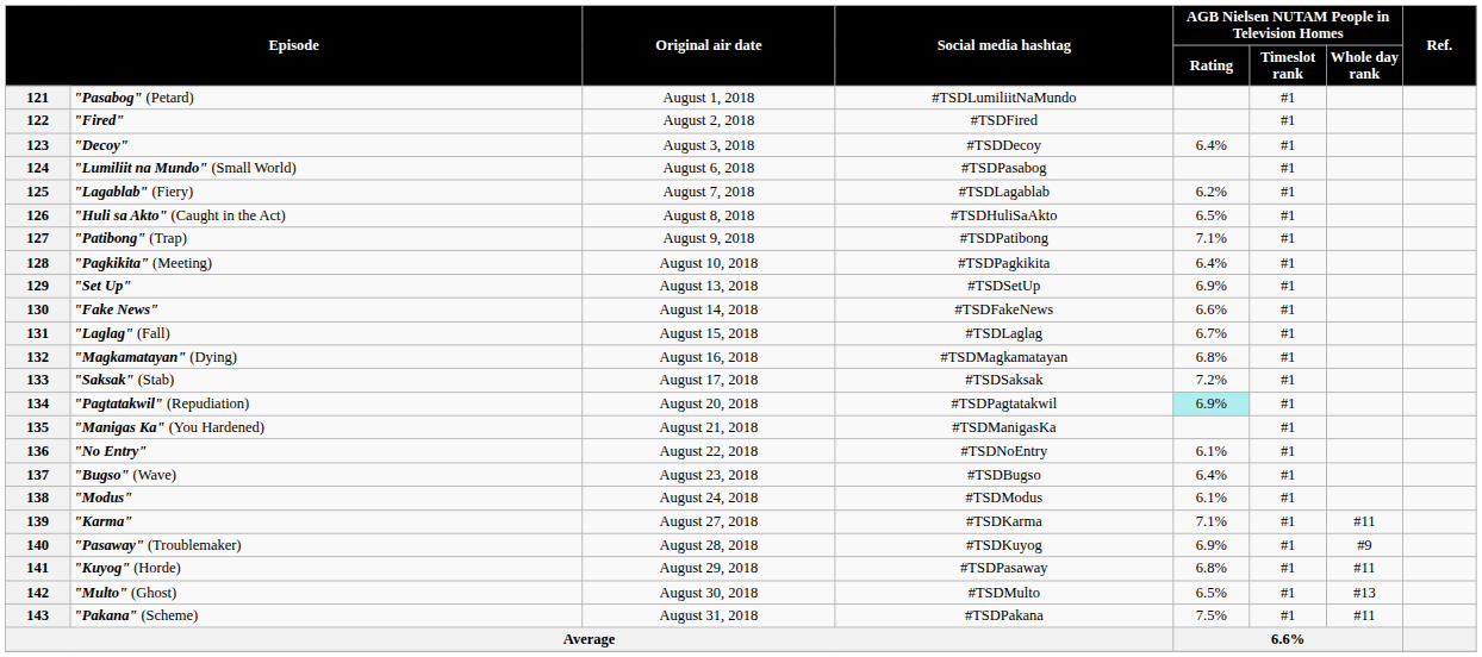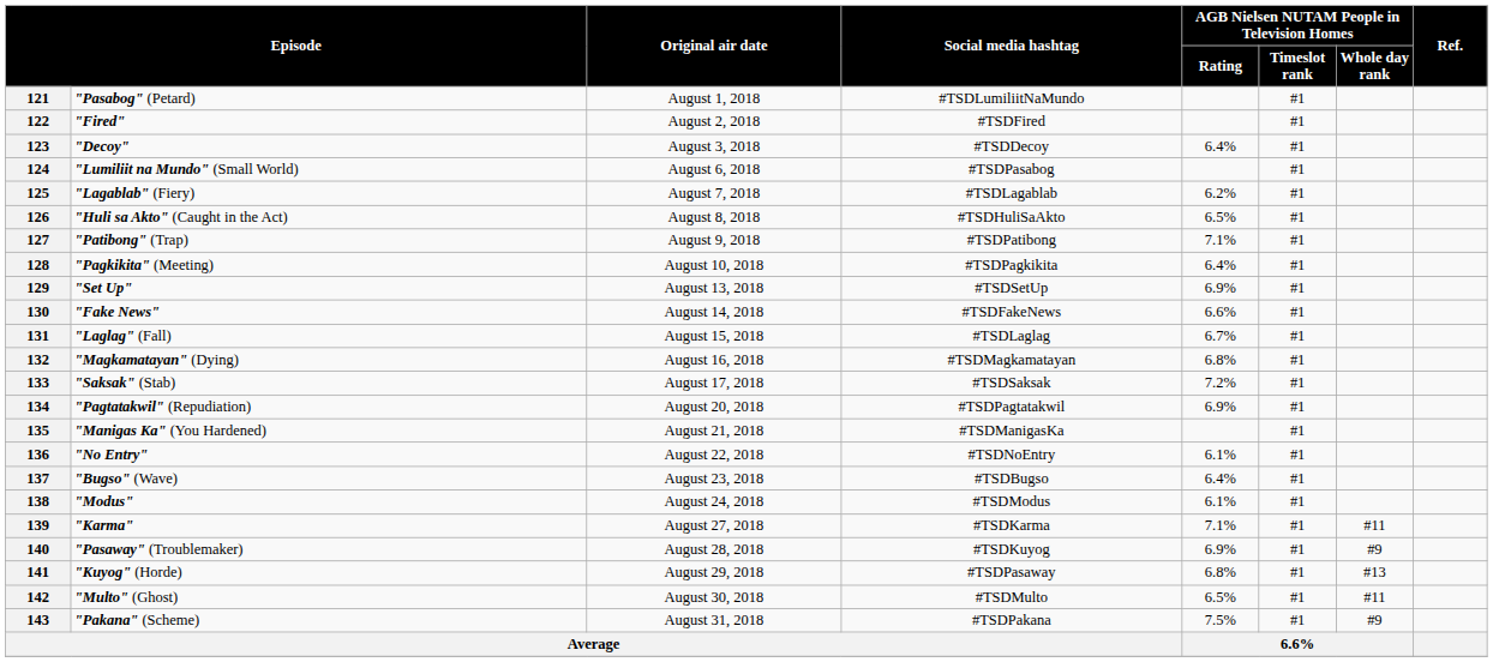 <table class="wikitable" style="text-align:center; font-size:100%; line-height:18px;" width="100%">
 <tr>
 <th style="background-color:#000000; color:#ffffff;" colspan="2" rowspan="2">Episode</th>
 <th style="background-color:#000000; color:white" rowspan="2">Original air date</th>
 <th style="background-color:#000000; color:white" rowspan="2">Social media hashtag</th>
 <th style="background-color:#000000; color:#ffffff;" colspan="3">AGB Nielsen NUTAM People in Television Homes</th>
 <th style="background-color:#000000; color:#ffffff;" rowspan="2">Ref.</th>
 </tr>
 <tr>
 <th style="background-color:#000000; width:75px; color:#ffffff;">Rating</th>
 <th style="background-color:#000000; width:75px; color:#ffffff;">Timeslot<br>rank</th>
 <th style="background-color:#000000; width:75px; color:#ffffff;">Whole day<br>rank</th>
 </tr>
 <tr>
 <th>121</th>
 <td style="text-align: left;"><strong><em>"Pasabog"</em></strong> (Petard)</td>
 <td>August 1, 2018</td>
 <td>#TSDLumiliitNaMundo</td>
 <td></td>
 <td>#1</td>
 <td></td>
 <td></td>
 </tr>
 <tr>
 <th>122</th>
 <td style="text-align: left;"><strong><em>"Fired"</em></strong></td>
 <td>August 2, 2018</td>
 <td>#TSDFired</td>
 <td></td>
 <td>#1</td>
 <td></td>
 <td></td>
 </tr>
 <tr>
 <th>123</th>
 <td style="text-align: left;"><strong><em>"Decoy"</em></strong></td>
 <td>August 3, 2018</td>
 <td>#TSDDecoy</td>
 <td>6.4%</td>
 <td>#1</td>
 <td></td>
 <td></td>
 </tr>
 <tr>
 <th>124</th>
 <td style="text-align: left;"><strong><em>"Lumiliit na Mundo"</em></strong> (Small World)</td>
 <td>August 6, 2018</td>
 <td>#TSDPasabog</td>
 <td></td>
 <td>#1</td>
 <td></td>
 <td></td>
 </tr>
 <tr>
 <th>125</th>
 <td style="text-align: left;"><strong><em>"Lagablab"</em></strong> (Fiery)</td>
 <td>August 7, 2018</td>
 <td>#TSDLagablab</td>
 <td>6.2%</td>
 <td>#1</td>
 <td></td>
 <td></td>
 </tr>
 <tr>
 <th>126</th>
 <td style="text-align: left;"><strong><em>"Huli sa Akto"</em></strong> (Caught in the Act)</td>
 <td>August 8, 2018</td>
 <td>#TSDHuliSaAkto</td>
 <td>6.5%</td>
 <td>#1</td>
 <td></td>
 <td></td>
 </tr>
 <tr>
 <th>127</th>
 <td style="text-align: left;"><strong><em>"Patibong"</em></strong> (Trap)</td>
 <td>August 9, 2018</td>
 <td>#TSDPatibong</td>
 <td>7.1%</td>
 <td>#1</td>
 <td></td>
 <td></td>
 </tr>
 <tr>
 <th>128</th>
 <td style="text-align: left;"><strong><em>"Pagkikita"</em></strong> (Meeting)</td>
 <td>August 10, 2018</td>
 <td>#TSDPagkikita</td>
 <td>6.4%</td>
 <td>#1</td>
 <td></td>
 <td></td>
 </tr>
 <tr>
 <th>129</th>
 <td style="text-align: left;"><strong><em>"Set Up"</em></strong></td>
 <td>August 13, 2018</td>
 <td>#TSDSetUp</td>
 <td>6.9%</td>
 <td>#1</td>
 <td></td>
 <td></td>
 </tr>
 <tr>
 <th>130</th>
 <td style="text-align: left;"><strong><em>"Fake News"</em></strong></td>
 <td>August 14, 2018</td>
 <td>#TSDFakeNews</td>
 <td>6.6%</td>
 <td>#1</td>
 <td></td>
 <td></td>
 </tr>
 <tr>
 <th>131</th>
 <td style="text-align: left;"><strong><em>"Laglag"</em></strong> (Fall)</td>
 <td>August 15, 2018</td>
 <td>#TSDLaglag</td>
 <td>6.7%</td>
 <td>#1</td>
 <td></td>
 <td></td>
 </tr>
 <tr>
 <th>132</th>
 <td style="text-align: left;"><strong><em>"Magkamatayan"</em></strong> (Dying)</td>
 <td>August 16, 2018</td>
 <td>#TSDMagkamatayan</td>
 <td>6.8%</td>
 <td>#1</td>
 <td></td>
 <td></td>
 </tr>
 <tr>
 <th>133</th>
 <td style="text-align: left;"><strong><em>"Saksak"</em></strong> (Stab)</td>
 <td>August 17, 2018</td>
 <td>#TSDSaksak</td>
 <td>7.2%</td>
 <td>#1</td>
 <td></td>
 <td></td>
 </tr>
 <tr>
 <th>134</th>
 <td style="text-align: left;"><strong><em>"Pagtatakwil"</em></strong> (Repudiation)</td>
 <td>August 20, 2018</td>
 <td>#TSDPagtatakwil</td>
-<td style="background: paleturquoise;">6.9%</td>
+<td>6.9%</td>
 <td>#1</td>
 <td></td>
 <td></td>
 </tr>
 <tr>
 <th>135</th>
 <td style="text-align: left;"><strong><em>"Manigas Ka"</em></strong> (You Hardened)</td>
 <td>August 21, 2018</td>
 <td>#TSDManigasKa</td>
 <td></td>
 <td>#1</td>
 <td></td>
 <td></td>
 </tr>
 <tr>
 <th>136</th>
 <td style="text-align: left;"><strong><em>"No Entry"</em></strong></td>
 <td>August 22, 2018</td>
 <td>#TSDNoEntry</td>
 <td>6.1%</td>
 <td>#1</td>
 <td></td>
 <td></td>
 </tr>
 <tr>
 <th>137</th>
 <td style="text-align: left;"><strong><em>"Bugso"</em></strong> (Wave)</td>
 <td>August 23, 2018</td>
 <td>#TSDBugso</td>
 <td>6.4%</td>
 <td>#1</td>
 <td></td>
 <td></td>
 </tr>
 <tr>
 <th>138</th>
 <td style="text-align: left;"><strong><em>"Modus"</em></strong></td>
 <td>August 24, 2018</td>
 <td>#TSDModus</td>
 <td>6.1%</td>
 <td>#1</td>
 <td></td>
 <td></td>
 </tr>
 <tr>
 <th>139</th>
 <td style="text-align: left;"><strong><em>"Karma"</em></strong></td>
 <td>August 27, 2018</td>
 <td>#TSDKarma</td>
 <td>7.1%</td>
 <td>#1</td>
 <td>#11</td>
 <td></td>
 </tr>
 <tr>
 <th>140</th>
 <td style="text-align: left;"><strong><em>"Pasaway"</em></strong> (Troublemaker)</td>
 <td>August 28, 2018</td>
 <td>#TSDKuyog</td>
 <td>6.9%</td>
 <td>#1</td>
 <td>#9</td>
 <td></td>
 </tr>
 <tr>
 <th>141</th>
 <td style="text-align: left;"><strong><em>"Kuyog"</em></strong> (Horde)</td>
 <td>August 29, 2018</td>
 <td>#TSDPasaway</td>
 <td>6.8%</td>
 <td>#1</td>
-<td>#11</td>
+<td>#13</td>
 <td></td>
 </tr>
 <tr>
 <th>142</th>
 <td style="text-align: left;"><strong><em>"Multo"</em></strong> (Ghost)</td>
 <td>August 30, 2018</td>
 <td>#TSDMulto</td>
 <td>6.5%</td>
 <td>#1</td>
-<td>#13</td>
+<td>#11</td>
 <td></td>
 </tr>
 <tr>
 <th>143</th>
 <td style="text-align: left;"><strong><em>"Pakana"</em></strong> (Scheme)</td>
 <td>August 31, 2018</td>
 <td>#TSDPakana</td>
 <td>7.5%</td>
 <td>#1</td>
-<td>#11</td>
+<td>#9</td>
 <td></td>
 </tr>
 <tr>
 <th colspan="4">Average</th>
 <th colspan="3">6.6%</th>
 <th></th>
 </tr>
 <tr>
 </tr>
 </table>
